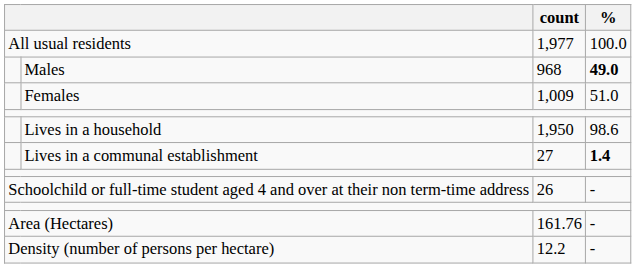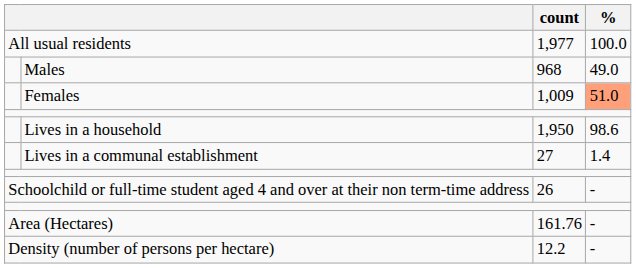 <table class="wikitable">
 <tr>
 <th colspan="2"></th>
 <th>count</th>
 <th>%</th>
 </tr>
 <tr>
 <td colspan="2">All usual residents</td>
 <td>1,977</td>
 <td>100.0</td>
 </tr>
 <tr>
 <td></td>
 <td>Males</td>
 <td>968</td>
-<td><strong>49.0</strong></td>
+<td>49.0</td>
 </tr>
 <tr>
 <td></td>
 <td>Females</td>
 <td>1,009</td>
-<td>51.0</td>
+<td style="background: lightsalmon;">51.0</td>
 </tr>
 <tr>
 <td colspan="4"></td>
 </tr>
 <tr>
 <td></td>
 <td>Lives in a household</td>
 <td>1,950</td>
 <td>98.6</td>
 </tr>
 <tr>
 <td></td>
 <td>Lives in a communal establishment</td>
 <td>27</td>
-<td><strong>1.4</strong></td>
+<td>1.4</td>
 </tr>
 <tr>
 <td colspan="4"></td>
 </tr>
 <tr>
 <td colspan="2">Schoolchild or full-time student aged 4 and over at their non term-time address</td>
 <td>26</td>
 <td>-</td>
 </tr>
 <tr>
 <td colspan="4"></td>
 </tr>
 <tr>
 <td colspan="2">Area (Hectares)</td>
 <td>161.76</td>
 <td>-</td>
 </tr>
 <tr>
 <td colspan="2">Density (number of persons per hectare)</td>
 <td>12.2</td>
 <td>-</td>
 </tr>
 </table>
